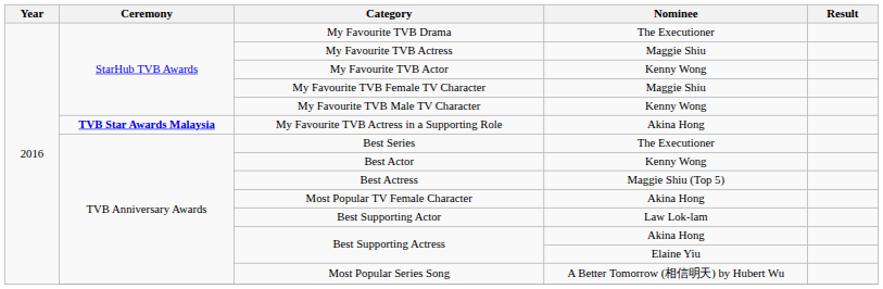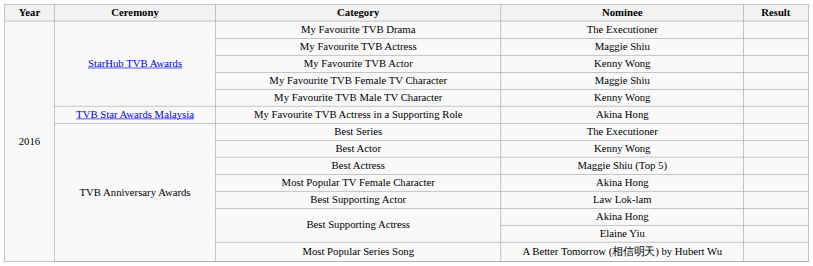 <table class="wikitable" style="width:95%;">
 <tr>
 <th style="width:45px;">Year</th>
 <th style="width:160px;">Ceremony</th>
 <th style="width:290px;">Category</th>
 <th style="width:245px;">Nominee</th>
 <th style="width:60px;">Result</th>
 </tr>
 <tr>
 <td align="center" rowspan=31>2016</td>
 <td align="center" rowspan=5><a href='#'>StarHub TVB Awards</a></td>
 <td align="center">My Favourite TVB Drama</td>
 <td align="center">The Executioner</td>
 <td></td>
 </tr>
 <tr>
 <td align="center">My Favourite TVB Actress</td>
 <td align="center">Maggie Shiu</td>
 <td></td>
 </tr>
 <tr>
 <td align="center">My Favourite TVB Actor</td>
 <td align="center">Kenny Wong</td>
 <td></td>
 </tr>
 <tr>
 <td align="center">My Favourite TVB Female TV Character</td>
 <td align="center">Maggie Shiu</td>
 <td></td>
 </tr>
 <tr>
 <td align="center">My Favourite TVB Male TV Character</td>
 <td align="center">Kenny Wong</td>
 <td></td>
 </tr>
 <tr>
-<td align="center" rowspan=1><strong><a href='#'>TVB Star Awards Malaysia</a></strong></td>
+<td align="center" rowspan=1><a href='#'>TVB Star Awards Malaysia</a></td>
 <td align="center">My Favourite TVB Actress in a Supporting Role</td>
 <td align="center">Akina Hong</td>
 <td></td>
 </tr>
 <tr>
 <td align="center" rowspan=8>TVB Anniversary Awards</td>
 <td align="center">Best Series</td>
 <td align="center">The Executioner</td>
 <td></td>
 </tr>
 <tr>
 <td align="center">Best Actor</td>
 <td align="center">Kenny Wong</td>
 <td></td>
 </tr>
 <tr>
 <td align="center">Best Actress</td>
 <td align="center">Maggie Shiu (Top 5)</td>
 <td></td>
 </tr>
 <tr>
 <td align="center">Most Popular TV Female Character</td>
 <td align="center">Akina Hong</td>
 <td></td>
 </tr>
 <tr>
 <td align="center">Best Supporting Actor</td>
 <td align="center">Law Lok-lam</td>
 <td></td>
 </tr>
 <tr>
 <td rowspan=2 align="center">Best Supporting Actress</td>
 <td align="center">Akina Hong</td>
 <td></td>
 </tr>
 <tr>
 <td align="center">Elaine Yiu</td>
 <td></td>
 </tr>
 <tr>
 <td align="center">Most Popular Series Song</td>
 <td align="center">A Better Tomorrow (相信明天) by Hubert Wu</td>
 <td></td>
 </tr>
 <tr>
 </tr>
 </table>
